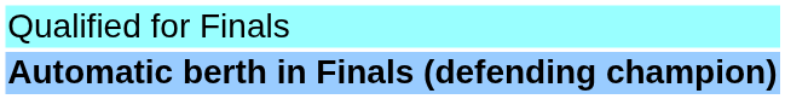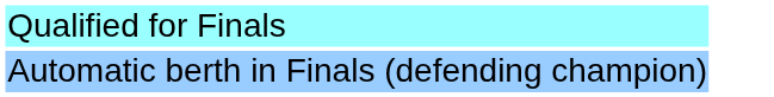 <table>
 <tr bgcolor="99FFFF">
 <td>Qualified for Finals</td>
 </tr>
 <tr bgcolor="99CCFF">
-<td><strong>Automatic berth in Finals (defending champion)</strong></td>
+<td>Automatic berth in Finals (defending champion)</td>
 </tr>
 </table>
